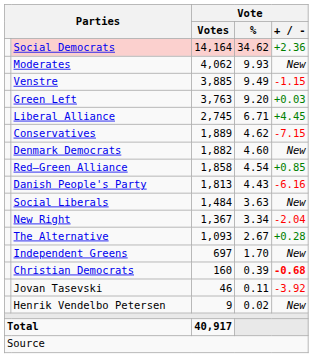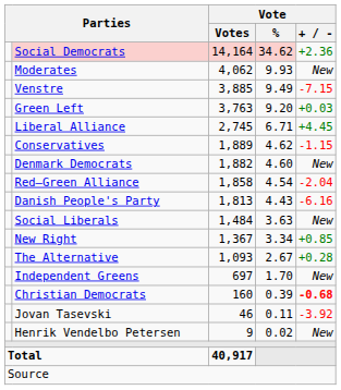 <table class="wikitable" style="text-align:right;">
 <tr>
 <th style="text-align:centre;" rowspan="2" colspan="2" width="225">Parties</th>
 <th colspan="3">Vote</th>
 </tr>
 <tr>
 <th width="15">Votes</th>
 <th width="15">%</th>
 <th width="15">+ / -</th>
 </tr>
 <tr>
 <td width="2" style="color:inherit;background:"></td>
 <td bgcolor=#fbd0ce  align="left"><a href='#'>Social Democrats</a></td>
 <td bgcolor=#fbd0ce>14,164</td>
 <td bgcolor=#fbd0ce>34.62</td>
 <td style=color:green;>+2.36</td>
 </tr>
 <tr>
 <td width="2" style="color:inherit;background:"></td>
 <td align="left"><a href='#'>Moderates</a></td>
 <td>4,062</td>
 <td>9.93</td>
 <td><em>New</em></td>
 </tr>
 <tr>
 <td width="2" style="color:inherit;background:"></td>
 <td align="left"><a href='#'>Venstre</a></td>
 <td>3,885</td>
 <td>9.49</td>
-<td style=color:red;>-1.15</td>
+<td style=color:red;>-7.15</td>
 </tr>
 <tr>
 <td width="2" style="color:inherit;background:"></td>
 <td align="left"><a href='#'>Green Left</a></td>
 <td>3,763</td>
 <td>9.20</td>
 <td style=color:green;>+0.03</td>
 </tr>
 <tr>
 <td width="2" style="color:inherit;background:"></td>
 <td align="left"><a href='#'>Liberal Alliance</a></td>
 <td>2,745</td>
 <td>6.71</td>
 <td style=color:green;>+4.45</td>
 </tr>
 <tr>
 <td width="2" style="color:inherit;background:"></td>
 <td align="left"><a href='#'>Conservatives</a></td>
 <td>1,889</td>
 <td>4.62</td>
-<td style=color:red;>-7.15</td>
+<td style=color:red;>-1.15</td>
 </tr>
 <tr>
 <td width="2" style="color:inherit;background:"></td>
 <td align="left"><a href='#'>Denmark Democrats</a></td>
 <td>1,882</td>
 <td>4.60</td>
 <td><em>New</em></td>
 </tr>
 <tr>
 <td width="2" style="color:inherit;background:"></td>
 <td align="left"><a href='#'>Red–Green Alliance</a></td>
 <td>1,858</td>
 <td>4.54</td>
-<td style=color:green;>+0.85</td>
+<td style=color:red;>-2.04</td>
 </tr>
 <tr>
 <td width="2" style="color:inherit;background:"></td>
 <td align="left"><a href='#'>Danish People's Party</a></td>
 <td>1,813</td>
 <td>4.43</td>
 <td style=color:red;>-6.16</td>
 </tr>
 <tr>
 <td width="2" style="color:inherit;background:"></td>
 <td align="left"><a href='#'>Social Liberals</a></td>
 <td>1,484</td>
 <td>3.63</td>
 <td><em>New</em></td>
 </tr>
 <tr>
 <td width="2" style="color:inherit;background:"></td>
 <td align="left"><a href='#'>New Right</a></td>
 <td>1,367</td>
 <td>3.34</td>
-<td style=color:red;>-2.04</td>
+<td style=color:green;>+0.85</td>
 </tr>
 <tr>
 <td width="2" style="color:inherit;background:"></td>
 <td align="left"><a href='#'>The Alternative</a></td>
 <td>1,093</td>
 <td>2.67</td>
 <td style=color:green;>+0.28</td>
 </tr>
 <tr>
 <td width="2" style="color:inherit;background:"></td>
 <td align="left"><a href='#'>Independent Greens</a></td>
 <td>697</td>
 <td>1.70</td>
 <td><em>New</em></td>
 </tr>
 <tr>
 <td width="2" style="color:inherit;background:"></td>
 <td align="left"><a href='#'>Christian Democrats</a></td>
 <td>160</td>
 <td>0.39</td>
 <td style=color:red;><strong>-0.68</strong></td>
 </tr>
 <tr>
 <td width="2" style="color:inherit;background:"></td>
 <td align="left">Jovan Tasevski</td>
 <td>46</td>
 <td>0.11</td>
 <td style=color:red;>-3.92</td>
 </tr>
 <tr>
 <td width="2" style="color:inherit;background:"></td>
 <td align="left">Henrik Vendelbo Petersen</td>
 <td>9</td>
 <td>0.02</td>
 <td><em>New</em></td>
 </tr>
 <tr>
 <td colspan="7" bgcolor="#E9E9E9"></td>
 </tr>
 <tr>
 <td align="left" colspan="2"><strong>Total</strong></td>
 <td><strong>40,917</strong></td>
 <td bgcolor="#E9E9E9" colspan="2"></td>
 </tr>
 <tr>
 <td align="left" colspan="6">Source</td>
 </tr>
 </table>
